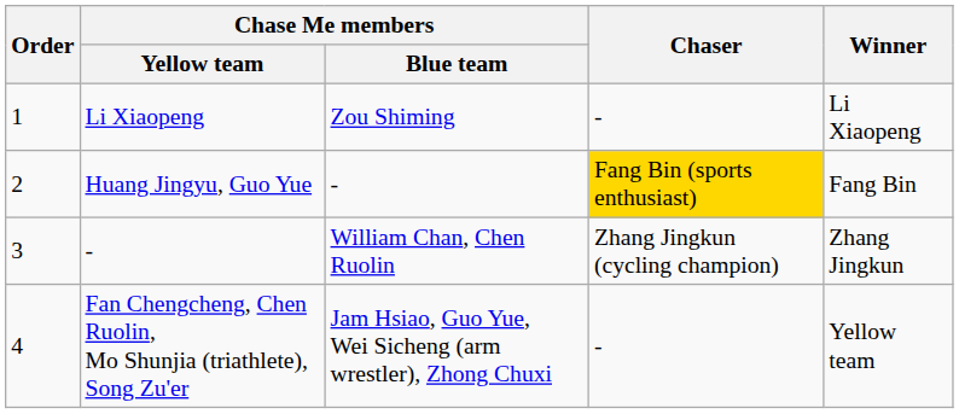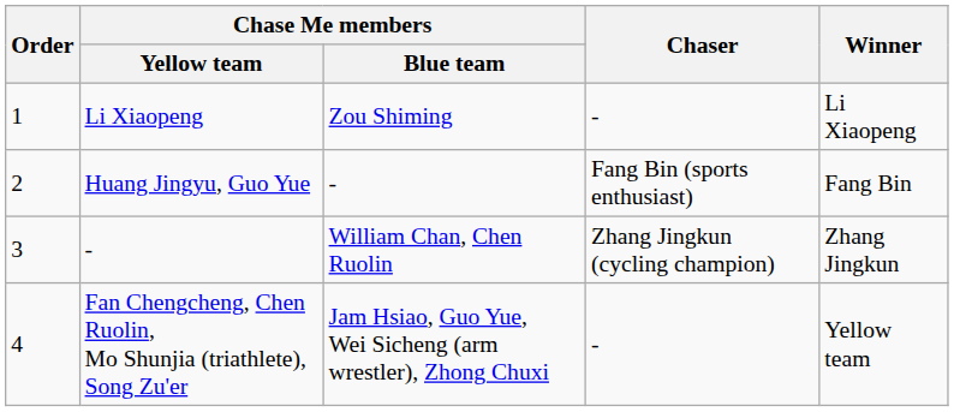 <table class="wikitable" style="font-size:95%; text-align:left;">
 <tr>
 <th rowspan="2">Order</th>
 <th colspan="2">Chase Me members</th>
 <th rowspan="2">Chaser</th>
 <th rowspan="2">Winner</th>
 </tr>
 <tr>
 <th>Yellow team</th>
 <th>Blue team</th>
 </tr>
 <tr>
 <td>1</td>
 <td><a href='#'>Li Xiaopeng</a></td>
 <td><a href='#'>Zou Shiming</a></td>
 <td>-</td>
 <td>Li Xiaopeng</td>
 </tr>
 <tr>
 <td>2</td>
 <td><a href='#'>Huang Jingyu</a>, <a href='#'>Guo Yue</a></td>
 <td>-</td>
-<td style="background: gold;">Fang Bin (sports enthusiast)</td>
+<td>Fang Bin (sports enthusiast)</td>
 <td>Fang Bin</td>
 </tr>
 <tr>
 <td>3</td>
 <td>-</td>
 <td><a href='#'>William Chan</a>, <a href='#'>Chen Ruolin</a></td>
 <td>Zhang Jingkun (cycling champion)</td>
 <td>Zhang Jingkun</td>
 </tr>
 <tr>
 <td>4</td>
 <td><a href='#'>Fan Chengcheng</a>, <a href='#'>Chen Ruolin</a>, <br>Mo Shunjia (triathlete), <a href='#'>Song Zu'er</a></td>
 <td><a href='#'>Jam Hsiao</a>, <a href='#'>Guo Yue</a>, <br>Wei Sicheng (arm wrestler), <a href='#'>Zhong Chuxi</a></td>
 <td>-</td>
 <td>Yellow team</td>
 </tr>
 </table>
